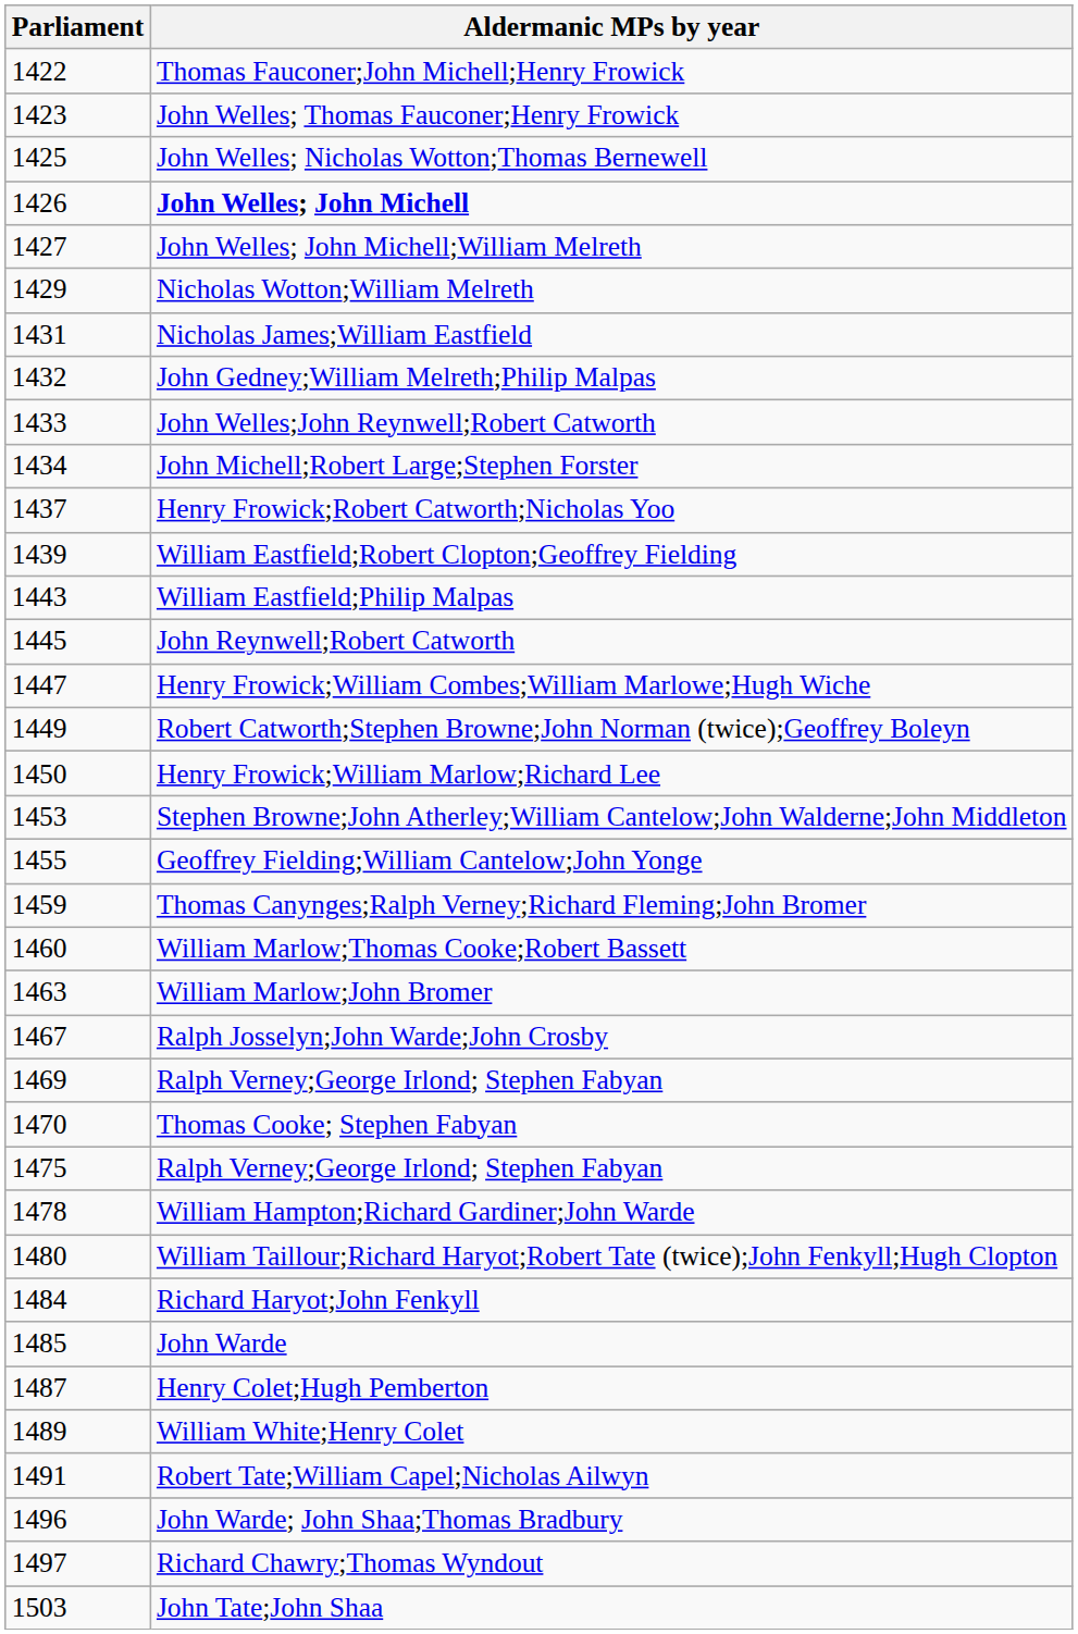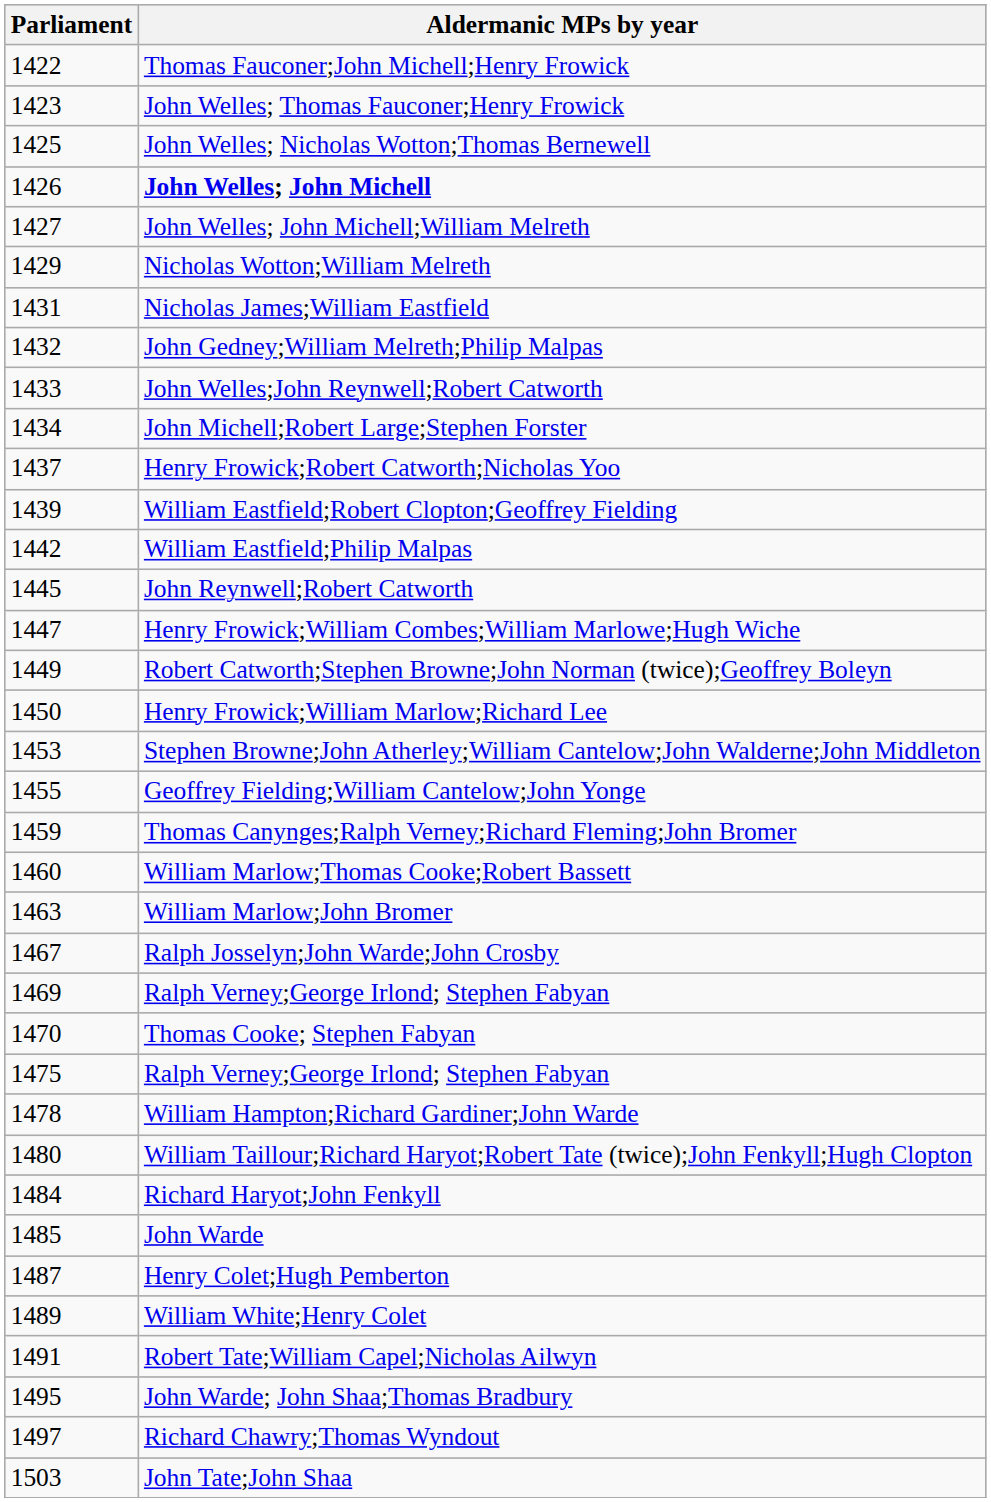 <table class="wikitable">
 <tr>
 <th>Parliament</th>
 <th>Aldermanic MPs by year</th>
 </tr>
 <tr>
 <td>1422</td>
 <td><a href='#'>Thomas Fauconer</a>;<a href='#'>John Michell</a>;<a href='#'>Henry Frowick</a></td>
 </tr>
 <tr>
 <td>1423</td>
 <td><a href='#'>John Welles</a>; <a href='#'>Thomas Fauconer</a>;<a href='#'>Henry Frowick</a></td>
 </tr>
 <tr>
 <td>1425</td>
 <td><a href='#'>John Welles</a>; <a href='#'>Nicholas Wotton</a>;<a href='#'>Thomas Bernewell</a></td>
 </tr>
 <tr>
 <td>1426</td>
 <td><strong><a href='#'>John Welles</a>; <a href='#'>John Michell</a></strong></td>
 </tr>
 <tr>
 <td>1427</td>
 <td><a href='#'>John Welles</a>; <a href='#'>John Michell</a>;<a href='#'>William Melreth</a></td>
 </tr>
 <tr>
 <td>1429</td>
 <td><a href='#'>Nicholas Wotton</a>;<a href='#'>William Melreth</a></td>
 </tr>
 <tr>
 <td>1431</td>
 <td><a href='#'>Nicholas James</a>;<a href='#'>William Eastfield</a></td>
 </tr>
 <tr>
 <td>1432</td>
 <td><a href='#'>John Gedney</a>;<a href='#'>William Melreth</a>;<a href='#'>Philip Malpas</a></td>
 </tr>
 <tr>
 <td>1433</td>
 <td><a href='#'>John Welles</a>;<a href='#'>John Reynwell</a>;<a href='#'>Robert Catworth</a></td>
 </tr>
 <tr>
 <td>1434</td>
 <td><a href='#'>John Michell</a>;<a href='#'>Robert Large</a>;<a href='#'>Stephen Forster</a></td>
 </tr>
 <tr>
 <td>1437</td>
 <td><a href='#'>Henry Frowick</a>;<a href='#'>Robert Catworth</a>;<a href='#'>Nicholas Yoo</a></td>
 </tr>
 <tr>
 <td>1439</td>
 <td><a href='#'>William Eastfield</a>;<a href='#'>Robert Clopton</a>;<a href='#'>Geoffrey Fielding</a></td>
 </tr>
 <tr>
-<td>1443</td>
+<td>1442</td>
 <td><a href='#'>William Eastfield</a>;<a href='#'>Philip Malpas</a></td>
 </tr>
 <tr>
 <td>1445</td>
 <td><a href='#'>John Reynwell</a>;<a href='#'>Robert Catworth</a></td>
 </tr>
 <tr>
 <td>1447</td>
 <td><a href='#'>Henry Frowick</a>;<a href='#'>William Combes</a>;<a href='#'>William Marlowe</a>;<a href='#'>Hugh Wiche</a></td>
 </tr>
 <tr>
 <td>1449</td>
 <td><a href='#'>Robert Catworth</a>;<a href='#'>Stephen Browne</a>;<a href='#'>John Norman</a> (twice);<a href='#'>Geoffrey Boleyn</a></td>
 </tr>
 <tr>
 <td>1450</td>
 <td><a href='#'>Henry Frowick</a>;<a href='#'>William Marlow</a>;<a href='#'>Richard Lee</a></td>
 </tr>
 <tr>
 <td>1453</td>
 <td><a href='#'>Stephen Browne</a>;<a href='#'>John Atherley</a>;<a href='#'>William Cantelow</a>;<a href='#'>John Walderne</a>;<a href='#'>John Middleton</a></td>
 </tr>
 <tr>
 <td>1455</td>
 <td><a href='#'>Geoffrey Fielding</a>;<a href='#'>William Cantelow</a>;<a href='#'>John Yonge</a></td>
 </tr>
 <tr>
 <td>1459</td>
 <td><a href='#'>Thomas Canynges</a>;<a href='#'>Ralph Verney</a>;<a href='#'>Richard Fleming</a>;<a href='#'>John Bromer</a></td>
 </tr>
 <tr>
 <td>1460</td>
 <td><a href='#'>William Marlow</a>;<a href='#'>Thomas Cooke</a>;<a href='#'>Robert Bassett</a></td>
 </tr>
 <tr>
 <td>1463</td>
 <td><a href='#'>William Marlow</a>;<a href='#'>John Bromer</a></td>
 </tr>
 <tr>
 <td>1467</td>
 <td><a href='#'>Ralph Josselyn</a>;<a href='#'>John Warde</a>;<a href='#'>John Crosby</a></td>
 </tr>
 <tr>
 <td>1469</td>
 <td><a href='#'>Ralph Verney</a>;<a href='#'>George Irlond</a>; <a href='#'>Stephen Fabyan</a></td>
 </tr>
 <tr>
 <td>1470</td>
 <td><a href='#'>Thomas Cooke</a>; <a href='#'>Stephen Fabyan</a></td>
 </tr>
 <tr>
 <td>1475</td>
 <td><a href='#'>Ralph Verney</a>;<a href='#'>George Irlond</a>; <a href='#'>Stephen Fabyan</a></td>
 </tr>
 <tr>
 <td>1478</td>
 <td><a href='#'>William Hampton</a>;<a href='#'>Richard Gardiner</a>;<a href='#'>John Warde</a></td>
 </tr>
 <tr>
 <td>1480</td>
 <td><a href='#'>William Taillour</a>;<a href='#'>Richard Haryot</a>;<a href='#'>Robert Tate</a> (twice);<a href='#'>John Fenkyll</a>;<a href='#'>Hugh Clopton</a></td>
 </tr>
 <tr>
 <td>1484</td>
 <td><a href='#'>Richard Haryot</a>;<a href='#'>John Fenkyll</a></td>
 </tr>
 <tr>
 <td>1485</td>
 <td><a href='#'>John Warde</a></td>
 </tr>
 <tr>
 <td>1487</td>
 <td><a href='#'>Henry Colet</a>;<a href='#'>Hugh Pemberton</a></td>
 </tr>
 <tr>
 <td>1489</td>
 <td><a href='#'>William White</a>;<a href='#'>Henry Colet</a></td>
 </tr>
 <tr>
 <td>1491</td>
 <td><a href='#'>Robert Tate</a>;<a href='#'>William Capel</a>;<a href='#'>Nicholas Ailwyn</a></td>
 </tr>
 <tr>
-<td>1496</td>
+<td>1495</td>
 <td><a href='#'>John Warde</a>; <a href='#'>John Shaa</a>;<a href='#'>Thomas Bradbury</a></td>
 </tr>
 <tr>
 <td>1497</td>
 <td><a href='#'>Richard Chawry</a>;<a href='#'>Thomas Wyndout</a></td>
 </tr>
 <tr>
 <td>1503</td>
 <td><a href='#'>John Tate</a>;<a href='#'>John Shaa</a></td>
 </tr>
 </table>
